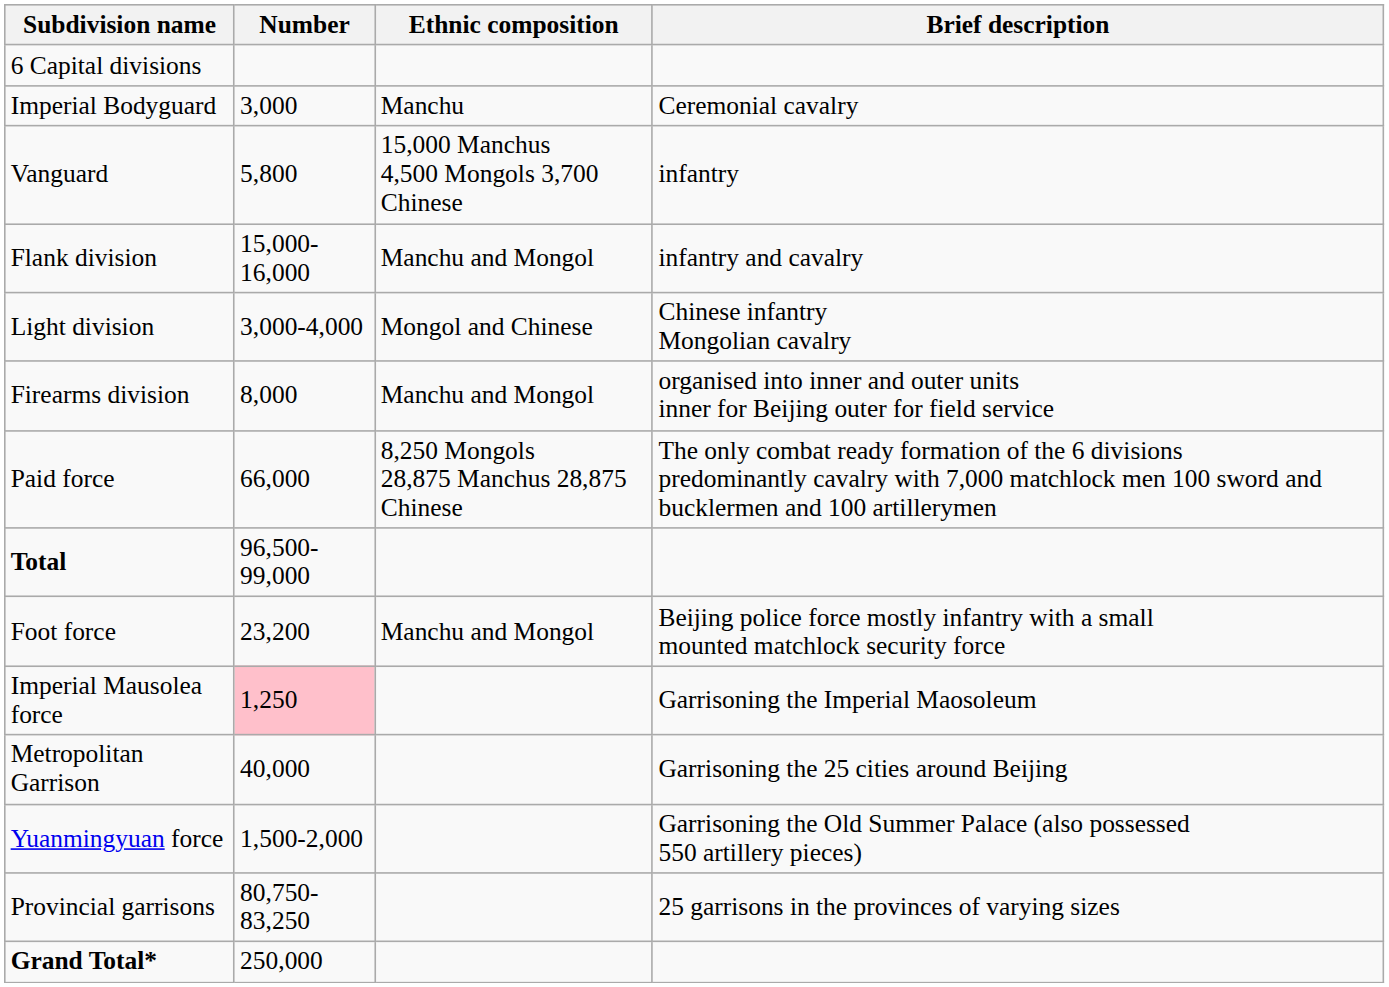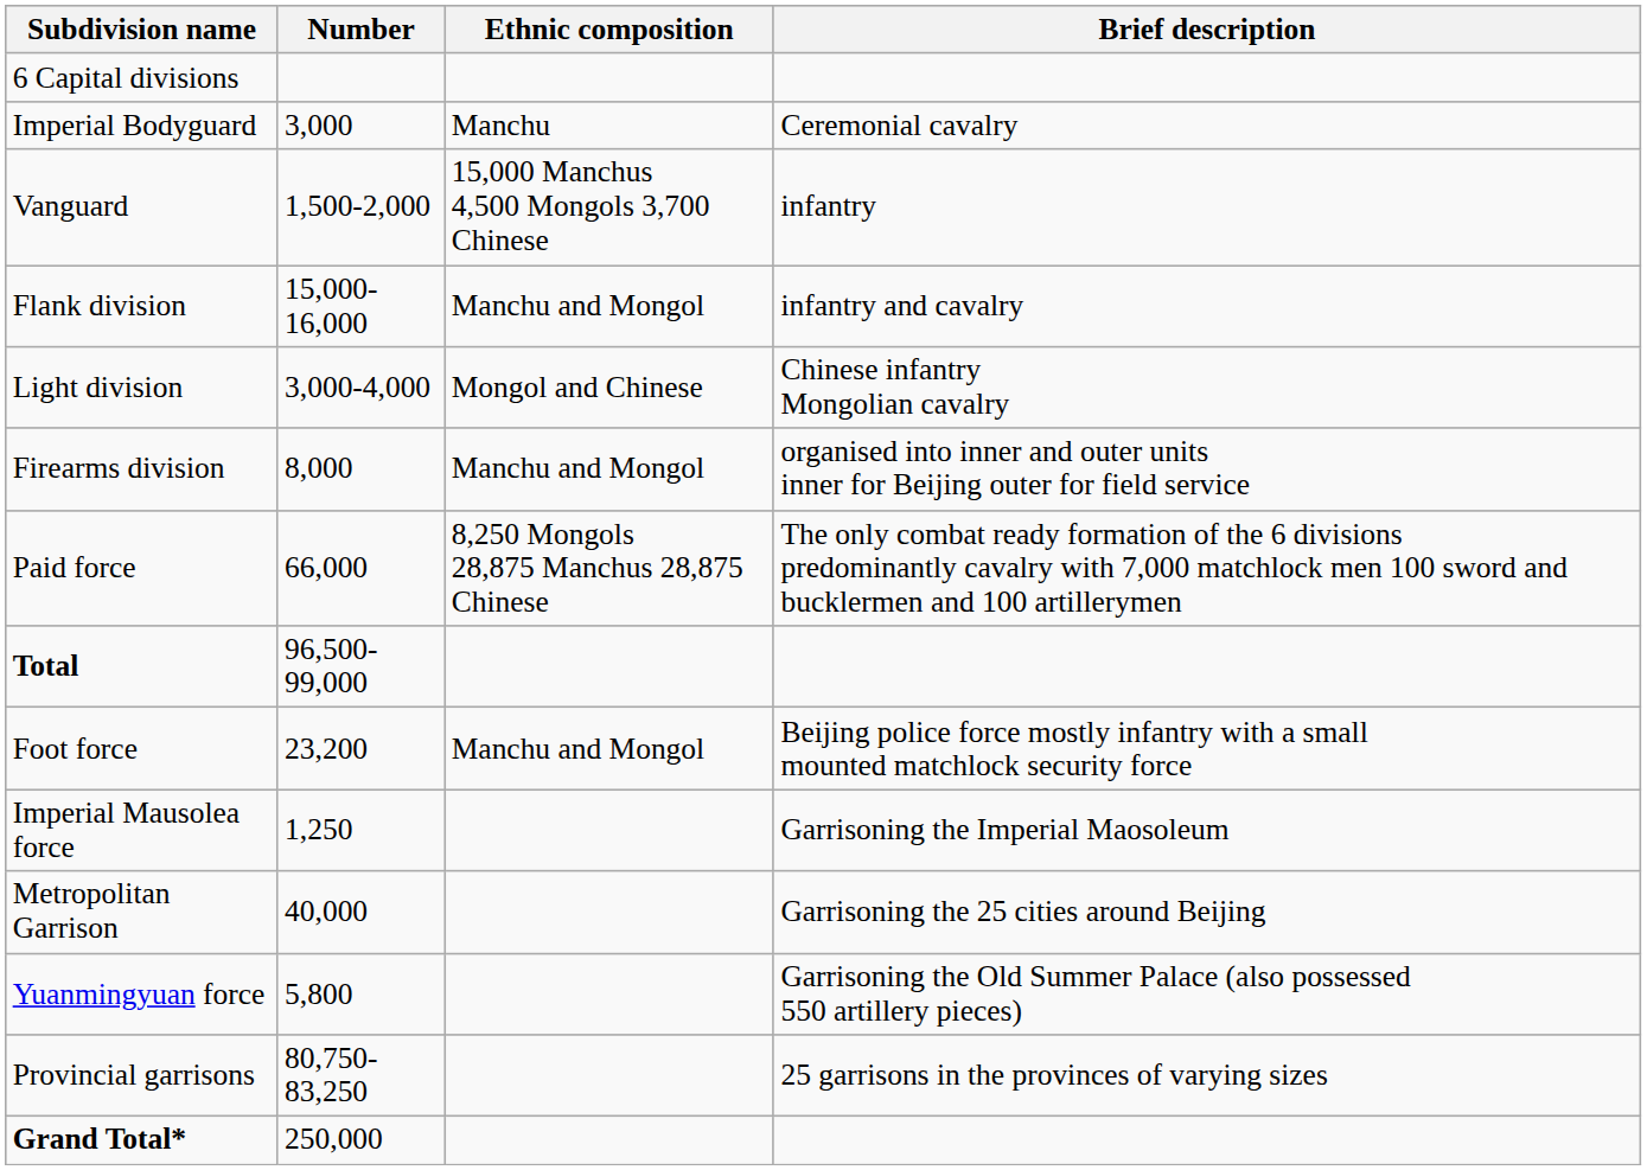 <table class="wikitable mw-collapsible">
 <tr>
 <th>Subdivision name</th>
 <th>Number</th>
 <th>Ethnic composition</th>
 <th>Brief description</th>
 </tr>
 <tr>
 <td>6 Capital divisions</td>
 <td></td>
 <td></td>
 <td></td>
 </tr>
 <tr>
 <td>Imperial Bodyguard</td>
 <td>3,000</td>
 <td>Manchu</td>
 <td>Ceremonial cavalry</td>
 </tr>
 <tr>
 <td>Vanguard</td>
-<td>5,800</td>
+<td>1,500-2,000</td>
 <td>15,000 Manchus<br>4,500 Mongols 3,700 Chinese</td>
 <td>infantry</td>
 </tr>
 <tr>
 <td>Flank division</td>
 <td>15,000-16,000</td>
 <td>Manchu and Mongol</td>
 <td>infantry and cavalry</td>
 </tr>
 <tr>
 <td>Light division</td>
 <td>3,000-4,000</td>
 <td>Mongol and Chinese</td>
 <td>Chinese infantry<br>Mongolian cavalry</td>
 </tr>
 <tr>
 <td>Firearms division</td>
 <td>8,000</td>
 <td>Manchu and Mongol</td>
 <td>organised into inner and outer units<br>inner for Beijing outer for field service</td>
 </tr>
 <tr>
 <td>Paid force</td>
 <td>66,000</td>
 <td>8,250 Mongols<br>28,875 Manchus 28,875 Chinese</td>
 <td>The only combat ready formation of the 6 divisions<br>predominantly cavalry with 7,000 matchlock men  100 sword and bucklermen and 100 artillerymen</td>
 </tr>
 <tr>
 <td><strong>Total</strong></td>
 <td>96,500-99,000</td>
 <td></td>
 <td></td>
 </tr>
 <tr>
 <td>Foot force</td>
 <td>23,200</td>
 <td>Manchu and Mongol</td>
 <td>Beijing police force mostly infantry with a small<br>mounted matchlock security force</td>
 </tr>
 <tr>
 <td>Imperial Mausolea force</td>
-<td style="background: pink;">1,250</td>
+<td>1,250</td>
 <td></td>
 <td>Garrisoning the Imperial Maosoleum</td>
 </tr>
 <tr>
 <td>Metropolitan Garrison</td>
 <td>40,000</td>
 <td></td>
 <td>Garrisoning the 25 cities around Beijing</td>
 </tr>
 <tr>
 <td><a href='#'>Yuanmingyuan</a> force</td>
-<td>1,500-2,000</td>
+<td>5,800</td>
 <td></td>
 <td>Garrisoning the Old Summer Palace (also possessed<br>550 artillery pieces)</td>
 </tr>
 <tr>
 <td>Provincial garrisons</td>
 <td>80,750-83,250</td>
 <td></td>
 <td>25 garrisons in the provinces of varying sizes</td>
 </tr>
 <tr>
 <td><strong>Grand Total*</strong></td>
 <td>250,000</td>
 <td></td>
 <td></td>
 </tr>
 </table>
